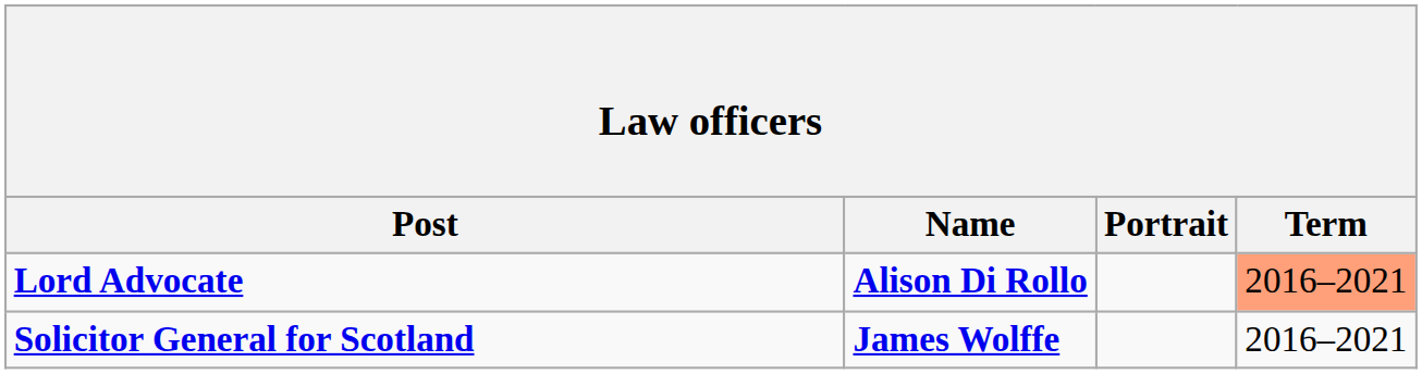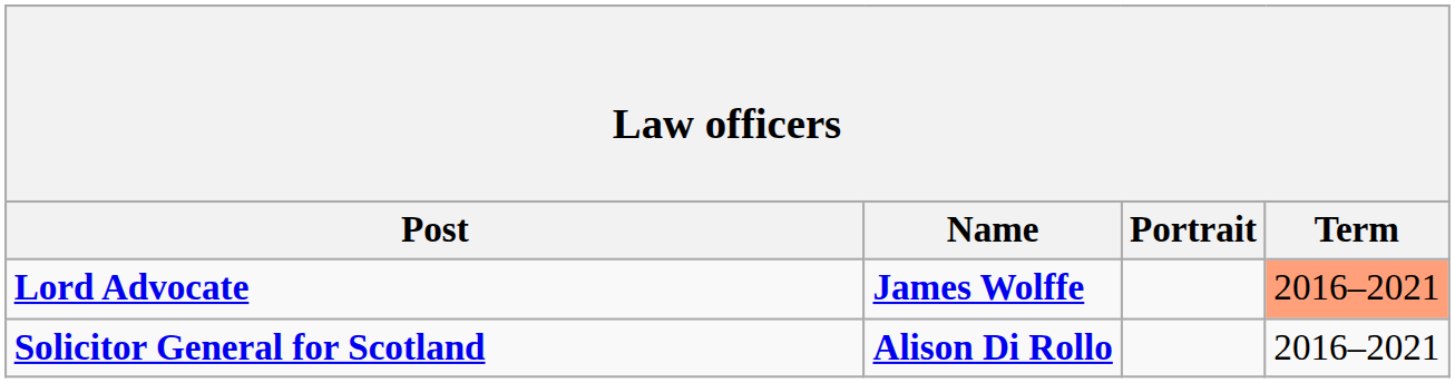 <table class="wikitable">
 <tr>
 <th colspan="4"><br><h3>Law officers</h3></th>
 </tr>
 <tr>
 <th style="width: 365px">Post</th>
 <th>Name</th>
 <th>Portrait</th>
 <th>Term</th>
 </tr>
 <tr>
 <td><strong><a href='#'>Lord Advocate</a></strong></td>
-<td><strong><a href='#'>Alison Di Rollo</a></strong> </td>
+<td><strong><a href='#'>James Wolffe</a></strong> </td>
 <td></td>
 <td style="background: lightsalmon;">2016–2021</td>
 </tr>
 <tr>
 <td><strong><a href='#'>Solicitor General for Scotland</a></strong></td>
-<td><strong><a href='#'>James Wolffe</a></strong> </td>
+<td><strong><a href='#'>Alison Di Rollo</a></strong> </td>
 <td></td>
 <td>2016–2021</td>
 </tr>
 </table>
